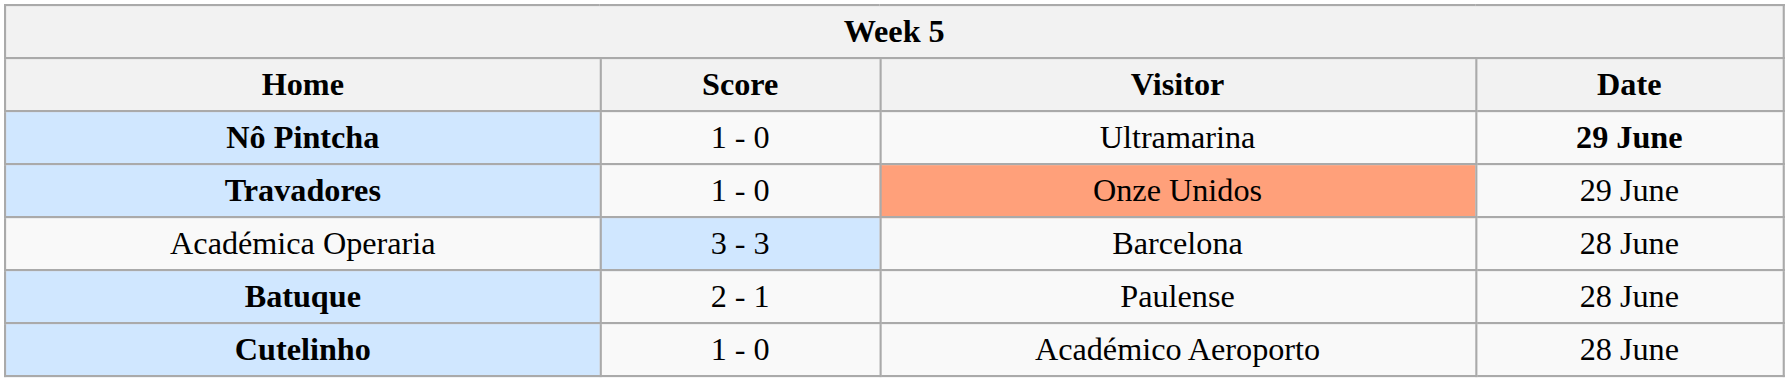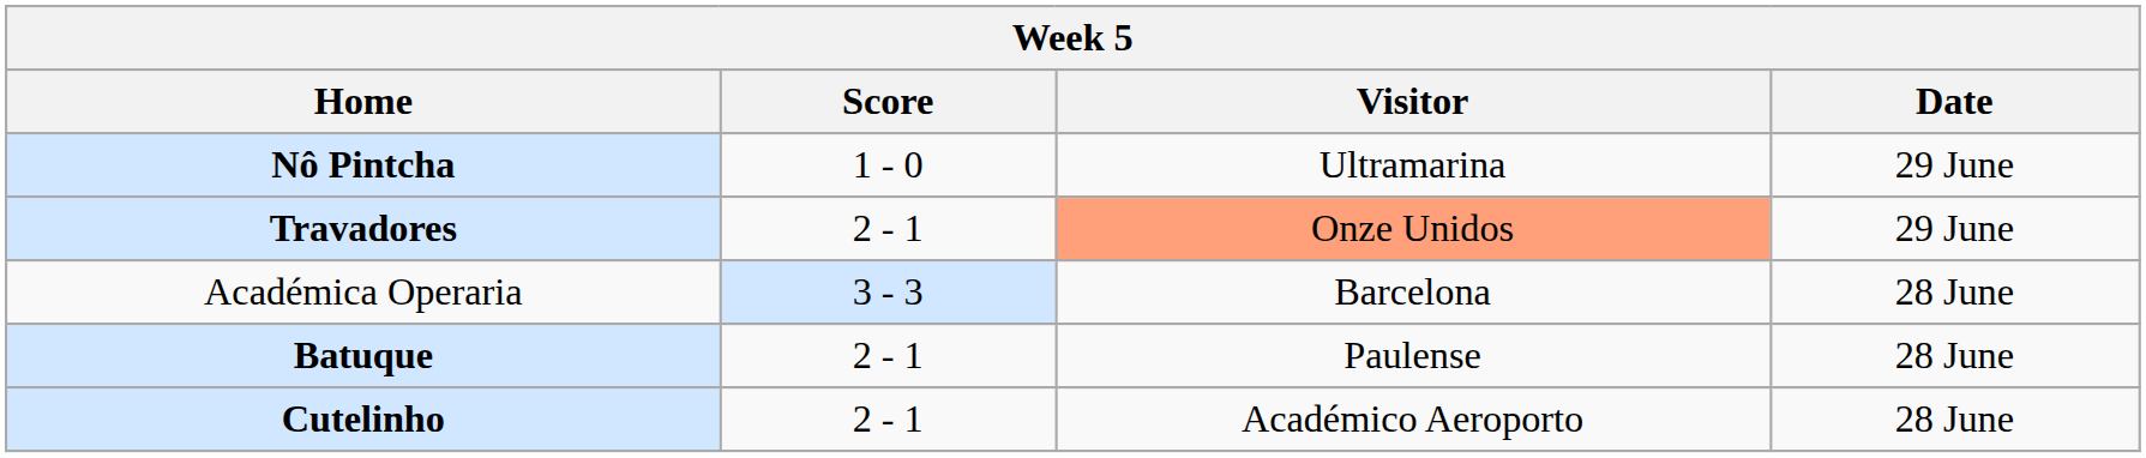 <table class="wikitable " style="font-size:95%; text-align: center; width: 95%;">
 <tr>
 <th colspan="12" style="with: 100%;" align=center>Week 5</th>
 </tr>
 <tr>
 <th width="200">Home</th>
 <th width="90">Score</th>
 <th width="200">Visitor</th>
 <th width="100">Date</th>
 </tr>
 <tr align=center>
 <td bgcolor=#D0E7FF><strong>Nô Pintcha</strong></td>
 <td>1 - 0</td>
 <td>Ultramarina</td>
-<td><strong>29 June</strong></td>
+<td>29 June</td>
 </tr>
 <tr align=center>
 <td bgcolor=#D0E7FF><strong>Travadores</strong></td>
-<td>1 - 0</td>
+<td>2 - 1</td>
 <td style="background: lightsalmon;">Onze Unidos</td>
 <td>29 June</td>
 </tr>
 <tr align=center>
 <td>Académica Operaria</td>
 <td bgcolor=#D0E7FF>3 - 3</td>
 <td>Barcelona</td>
 <td>28 June</td>
 </tr>
 <tr align=center>
 <td bgcolor=#D0E7FF><strong>Batuque</strong></td>
 <td>2 - 1</td>
 <td>Paulense</td>
 <td>28 June</td>
 </tr>
 <tr align=center>
 <td bgcolor=#D0E7FF><strong>Cutelinho</strong></td>
-<td>1 - 0</td>
+<td>2 - 1</td>
 <td>Académico Aeroporto</td>
 <td>28 June</td>
 </tr>
 </table>
